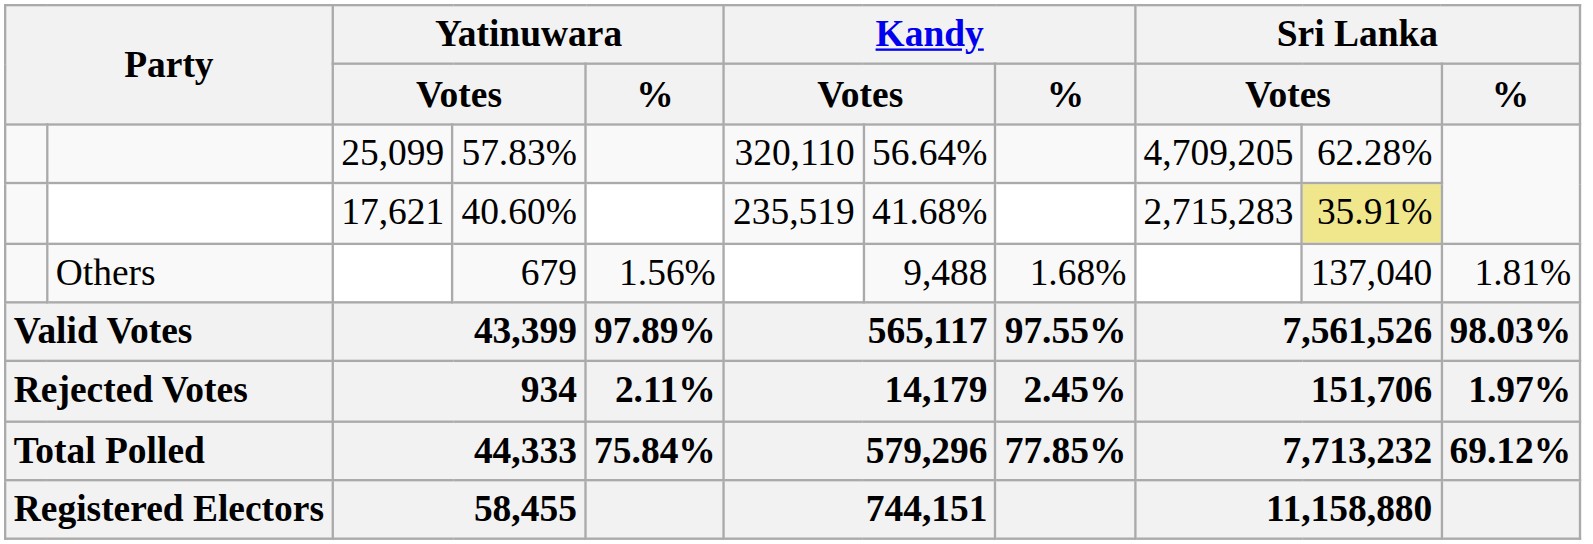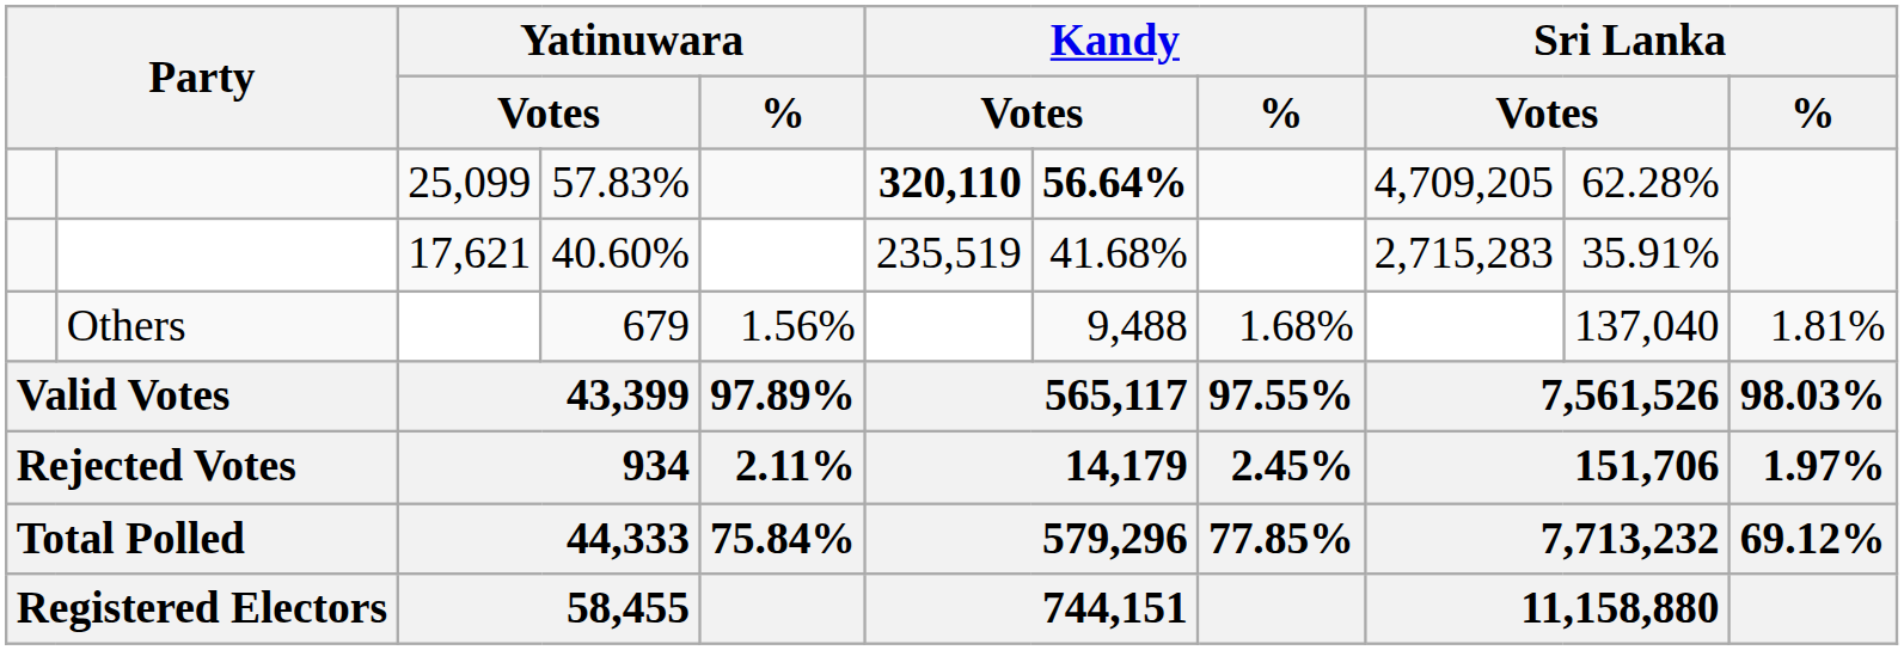 <table class="wikitable">
 <tr>
 <th colspan="2" rowspan="2">Party</th>
 <th colspan="3">Yatinuwara</th>
 <th colspan="3"><a href='#'>Kandy</a></th>
 <th colspan="3">Sri Lanka</th>
 </tr>
 <tr>
 <th colspan="2">Votes</th>
 <th>%</th>
 <th colspan="2">Votes</th>
 <th>%</th>
 <th colspan="2">Votes</th>
 <th>%</th>
 </tr>
 <tr>
 <td></td>
 <td style="background-color:"></td>
 <td style="text-align:right;">25,099</td>
 <td style="text-align:right;">57.83%</td>
 <td style="background-color:"></td>
-<td style="text-align:right;">320,110</td>
-<td style="text-align:right;">56.64%</td>
+<td style="text-align:right;"><strong>320,110</strong></td>
+<td style="text-align:right;"><strong>56.64%</strong></td>
 <td style="background-color:"></td>
 <td style="text-align:right;">4,709,205</td>
 <td style="text-align:right;">62.28%</td>
 </tr>
 <tr>
 <td></td>
 <td style="background-color:white;"></td>
 <td style="text-align:right;">17,621</td>
 <td style="text-align:right;">40.60%</td>
 <td style="background-color:white;"></td>
 <td style="text-align:right;">235,519</td>
 <td style="text-align:right;">41.68%</td>
 <td style="background-color:white;"></td>
 <td style="text-align:right;">2,715,283</td>
-<td style="background: khaki; text-align:right;">35.91%</td>
+<td style="text-align:right;">35.91%</td>
 </tr>
 <tr>
 <td style="background-color:"></td>
 <td style="text-align:left;">Others</td>
 <td style="background-color:white;"></td>
 <td style="text-align:right;">679</td>
 <td style="text-align:right;">1.56%</td>
 <td style="background-color:white;"></td>
 <td style="text-align:right;">9,488</td>
 <td style="text-align:right;">1.68%</td>
 <td style="background-color:white;"></td>
 <td style="text-align:right;">137,040</td>
 <td style="text-align:right;">1.81%</td>
 </tr>
 <tr>
 <th colspan="2" style="text-align:left;">Valid Votes</th>
 <th style="text-align:right;"colspan="2">43,399</th>
 <th style="text-align:right;">97.89%</th>
 <th style="text-align:right;"colspan="2">565,117</th>
 <th style="text-align:right;">97.55%</th>
 <th style="text-align:right;"colspan="2">7,561,526</th>
 <th style="text-align:right;">98.03%</th>
 </tr>
 <tr>
 <th colspan="2" style="text-align:left;">Rejected Votes</th>
 <th style="text-align:right;"colspan="2">934</th>
 <th style="text-align:right;">2.11%</th>
 <th style="text-align:right;"colspan="2">14,179</th>
 <th style="text-align:right;">2.45%</th>
 <th style="text-align:right;"colspan="2">151,706</th>
 <th style="text-align:right;">1.97%</th>
 </tr>
 <tr>
 <th colspan="2" style="text-align:left;">Total Polled</th>
 <th style="text-align:right;"colspan="2">44,333</th>
 <th style="text-align:right;">75.84%</th>
 <th style="text-align:right;"colspan="2">579,296</th>
 <th style="text-align:right;">77.85%</th>
 <th style="text-align:right;"colspan="2">7,713,232</th>
 <th style="text-align:right;">69.12%</th>
 </tr>
 <tr>
 <th colspan="2" style="text-align:left;">Registered Electors</th>
 <th style="text-align:right;"colspan="2">58,455</th>
 <th></th>
 <th style="text-align:right;"colspan="2">744,151</th>
 <th></th>
 <th style="text-align:right;"colspan="2">11,158,880</th>
 <th></th>
 </tr>
 </table>
